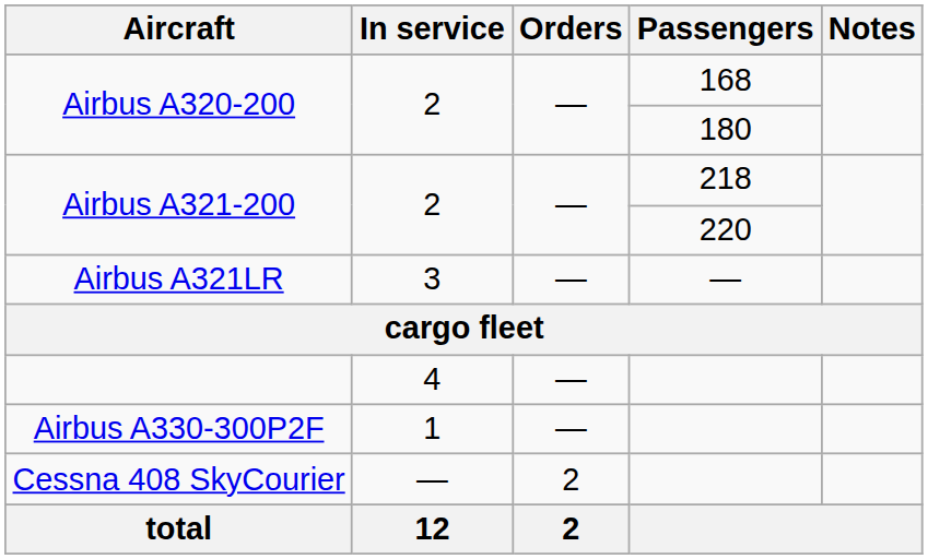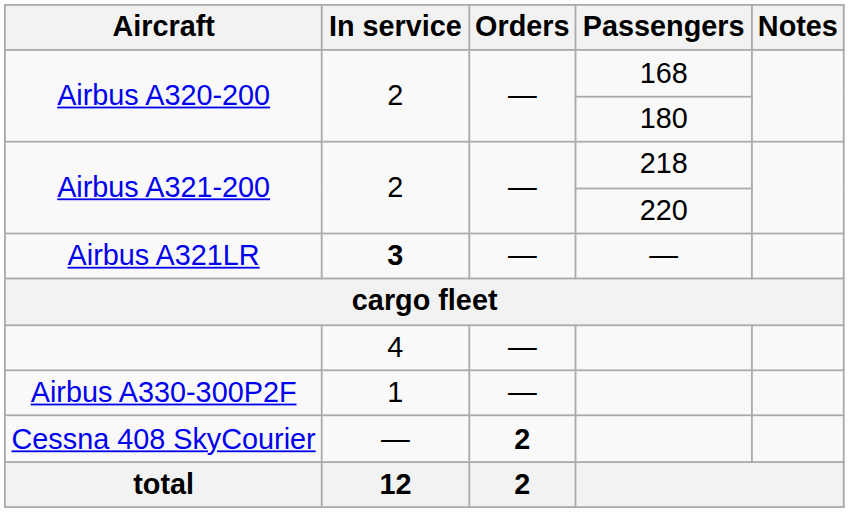 <table class=wikitable style=text-align:center>
 <tr>
 <th>Aircraft</th>
 <th>In service</th>
 <th>Orders</th>
 <th>Passengers</th>
 <th>Notes</th>
 </tr>
 <tr>
 <td rowspan=2><a href='#'>Airbus A320-200</a></td>
 <td rowspan=2>2</td>
 <td rowspan=2>—</td>
 <td>168</td>
 <td rowspan=2></td>
 </tr>
 <tr>
 <td>180</td>
 </tr>
 <tr>
 <td rowspan=2><a href='#'>Airbus A321-200</a></td>
 <td rowspan=2>2</td>
 <td rowspan=2>—</td>
 <td>218</td>
 <td rowspan=2></td>
 </tr>
 <tr>
 <td>220</td>
 </tr>
 <tr>
 <td><a href='#'>Airbus A321LR</a></td>
-<td>3</td>
+<td><strong>3</strong></td>
 <td>—</td>
 <td>—</td>
 <td></td>
 </tr>
 <tr>
 <th colspan=5>cargo fleet</th>
 </tr>
 <tr>
 <td></td>
 <td>4</td>
 <td>—</td>
 <td></td>
 <td></td>
 </tr>
 <tr>
 <td><a href='#'>Airbus A330-300P2F</a></td>
 <td>1</td>
 <td>—</td>
 <td></td>
 <td></td>
 </tr>
 <tr>
 <td><a href='#'>Cessna 408 SkyCourier</a></td>
 <td>—</td>
-<td>2</td>
+<td><strong>2</strong></td>
 <td></td>
 <td></td>
 </tr>
 <tr>
 <th>total</th>
 <th>12</th>
 <th>2</th>
 <th colspan=2></th>
 </tr>
 </table>
